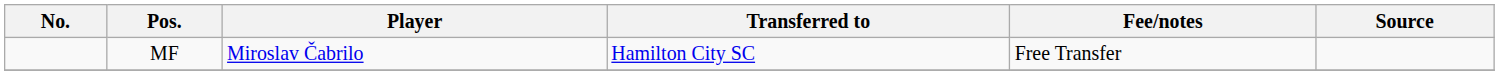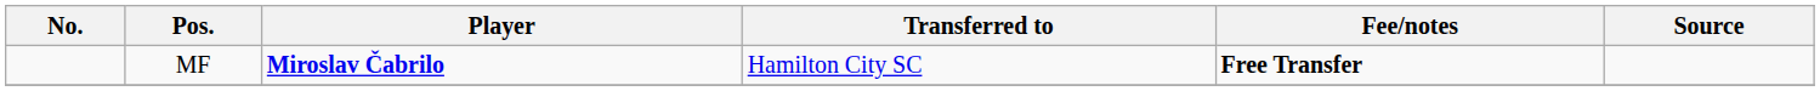 <table class="wikitable sortable" style="width:90%; text-align:center; font-size:95%; text-align:left;">
 <tr>
 <th>No.</th>
 <th>Pos.</th>
 <th>Player</th>
 <th>Transferred to</th>
 <th>Fee/notes</th>
 <th>Source</th>
 </tr>
 <tr>
 <td align=center></td>
 <td align=center>MF</td>
-<td> <a href='#'>Miroslav Čabrilo</a></td>
+<td><strong> <a href='#'>Miroslav Čabrilo</a></strong></td>
 <td> <a href='#'>Hamilton City SC</a></td>
-<td>Free Transfer</td>
+<td><strong>Free Transfer</strong></td>
 <td></td>
 </tr>
 <tr>
 </tr>
 </table>
